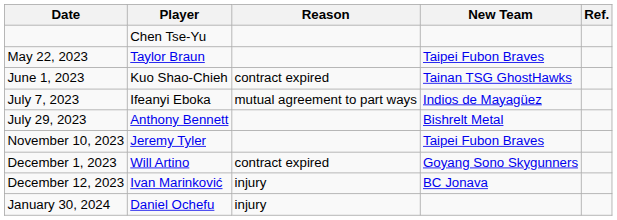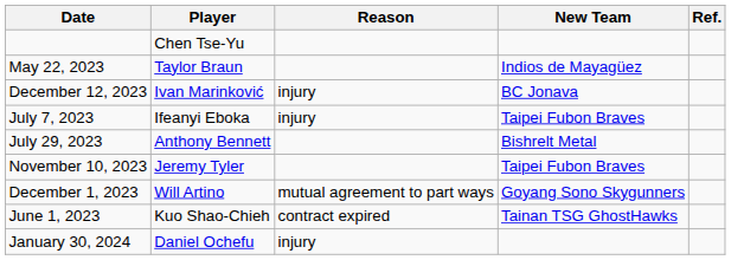 <table class="wikitable">
 <tr>
 <th>Date</th>
 <th>Player</th>
 <th>Reason</th>
 <th>New Team</th>
 <th>Ref.</th>
 </tr>
 <tr>
 <td></td>
 <td>Chen Tse-Yu</td>
 <td></td>
 <td></td>
 <td></td>
 </tr>
 <tr>
 <td>May 22, 2023</td>
 <td><a href='#'>Taylor Braun</a></td>
 <td></td>
-<td><a href='#'>Taipei Fubon Braves</a></td>
+<td><a href='#'>Indios de Mayagüez</a></td>
 <td></td>
 </tr>
 <tr>
-<td>June 1, 2023</td>
-<td>Kuo Shao-Chieh</td>
-<td>contract expired</td>
-<td><a href='#'>Tainan TSG GhostHawks</a></td>
+<td>December 12, 2023</td>
+<td><a href='#'>Ivan Marinković</a></td>
+<td>injury</td>
+<td><a href='#'>BC Jonava</a></td>
 <td></td>
 </tr>
 <tr>
 <td>July 7, 2023</td>
 <td>Ifeanyi Eboka</td>
-<td>mutual agreement to part ways</td>
-<td><a href='#'>Indios de Mayagüez</a></td>
+<td>injury</td>
+<td><a href='#'>Taipei Fubon Braves</a></td>
 <td></td>
 </tr>
 <tr>
 <td>July 29, 2023</td>
 <td><a href='#'>Anthony Bennett</a></td>
 <td></td>
 <td><a href='#'>Bishrelt Metal</a></td>
 <td></td>
 </tr>
 <tr>
 <td>November 10, 2023</td>
 <td><a href='#'>Jeremy Tyler</a></td>
 <td></td>
 <td><a href='#'>Taipei Fubon Braves</a></td>
 <td></td>
 </tr>
 <tr>
 <td>December 1, 2023</td>
 <td><a href='#'>Will Artino</a></td>
-<td>contract expired</td>
+<td>mutual agreement to part ways</td>
 <td><a href='#'>Goyang Sono Skygunners</a></td>
 <td></td>
 </tr>
 <tr>
-<td>December 12, 2023</td>
-<td><a href='#'>Ivan Marinković</a></td>
-<td>injury</td>
-<td><a href='#'>BC Jonava</a></td>
+<td>June 1, 2023</td>
+<td>Kuo Shao-Chieh</td>
+<td>contract expired</td>
+<td><a href='#'>Tainan TSG GhostHawks</a></td>
 <td></td>
 </tr>
 <tr>
 <td>January 30, 2024</td>
 <td><a href='#'>Daniel Ochefu</a></td>
 <td>injury</td>
 <td></td>
 <td></td>
 </tr>
 </table>
